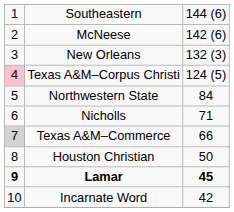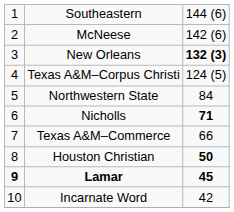 <table class="wikitable">
 <tr align="center">
 <td>1</td>
 <td>Southeastern</td>
 <td>144 (6)</td>
 </tr>
 <tr align="center">
 <td>2</td>
 <td>McNeese</td>
 <td>142 (6)</td>
 </tr>
 <tr align="center">
 <td>3</td>
 <td>New Orleans</td>
-<td>132 (3)</td>
+<td><strong>132 (3)</strong></td>
 </tr>
 <tr align="center">
-<td style="background: pink;">4</td>
+<td>4</td>
 <td>Texas A&M–Corpus Christi</td>
 <td>124 (5)</td>
 </tr>
 <tr align="center">
 <td>5</td>
 <td>Northwestern State</td>
 <td>84</td>
 </tr>
 <tr align="center">
 <td>6</td>
 <td>Nicholls</td>
-<td>71</td>
+<td><strong>71</strong></td>
 </tr>
 <tr align="center">
-<td style="background: lightgrey;">7</td>
+<td>7</td>
 <td>Texas A&M–Commerce</td>
 <td>66</td>
 </tr>
 <tr align="center">
 <td>8</td>
 <td>Houston Christian</td>
-<td>50</td>
+<td><strong>50</strong></td>
 </tr>
 <tr align="center">
 <td><strong>9</strong></td>
 <td><strong>Lamar</strong></td>
 <td><strong>45</strong></td>
 </tr>
 <tr align="center">
 <td>10</td>
 <td>Incarnate Word</td>
 <td>42</td>
 </tr>
 <tr align="center">
 </tr>
 </table>
